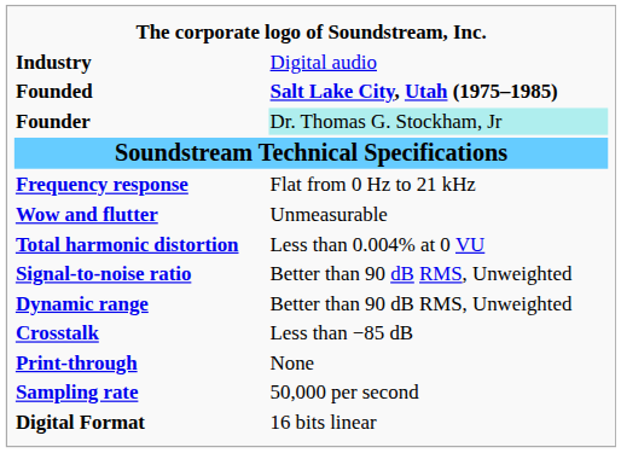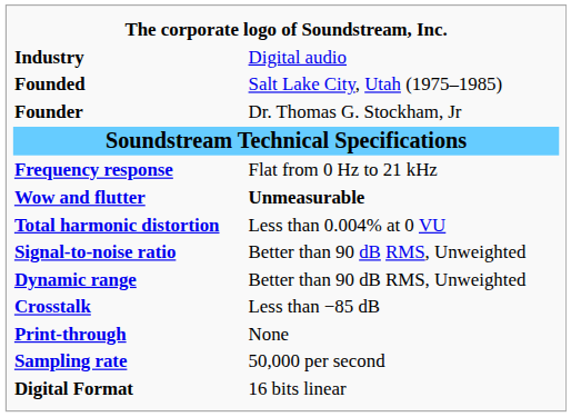 <table class="infobox" style="width: 30em; font-size: 90%; text-align: left">
 <tr>
 <th colspan=2 align=center></th>
 </tr>
 <tr>
 <th colspan=2 align=center>The corporate logo of Soundstream, Inc.</th>
 </tr>
 <tr>
 <th>Industry</th>
 <td><a href='#'>Digital audio</a></td>
 </tr>
 <tr>
 <th>Founded</th>
-<td><strong><a href='#'>Salt Lake City</a>, <a href='#'>Utah</a> (1975–1985)</strong></td>
+<td><a href='#'>Salt Lake City</a>, <a href='#'>Utah</a> (1975–1985)</td>
 </tr>
 <tr>
 <th>Founder</th>
-<td style="background: paleturquoise;">Dr. Thomas G. Stockham, Jr</td>
+<td>Dr. Thomas G. Stockham, Jr</td>
 </tr>
 <tr>
 <th colspan="2" style="text-align:center; font-size: larger; background-color: #6cf; color: #000;">Soundstream Technical Specifications</th>
 </tr>
 <tr>
 <th><a href='#'>Frequency response</a></th>
 <td>Flat from 0 Hz to 21 kHz</td>
 </tr>
 <tr>
 <th><a href='#'>Wow and flutter</a></th>
-<td>Unmeasurable</td>
+<td><strong>Unmeasurable</strong></td>
 </tr>
 <tr>
 <th><a href='#'>Total harmonic distortion</a></th>
 <td>Less than 0.004% at 0 <a href='#'>VU</a></td>
 </tr>
 <tr>
 <th><a href='#'>Signal-to-noise ratio</a></th>
 <td>Better than 90 <a href='#'>dB</a> <a href='#'>RMS</a>, Unweighted</td>
 </tr>
 <tr>
 <th><a href='#'>Dynamic range</a></th>
 <td>Better than 90 dB RMS, Unweighted</td>
 </tr>
 <tr>
 <th><a href='#'>Crosstalk</a></th>
 <td>Less than −85 dB</td>
 </tr>
 <tr>
 <th><a href='#'>Print-through</a></th>
 <td>None</td>
 </tr>
 <tr>
 <th><a href='#'>Sampling rate</a></th>
 <td>50,000 per second</td>
 </tr>
 <tr>
 <th>Digital Format</th>
 <td>16 bits linear</td>
 </tr>
 <tr>
 </tr>
 </table>
